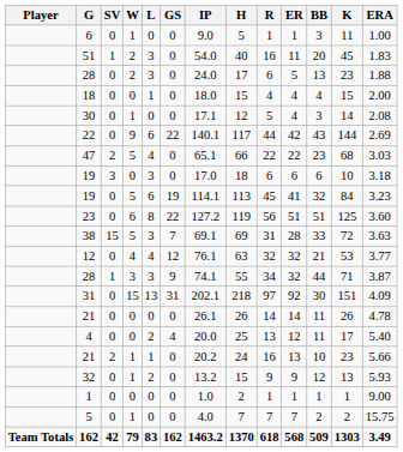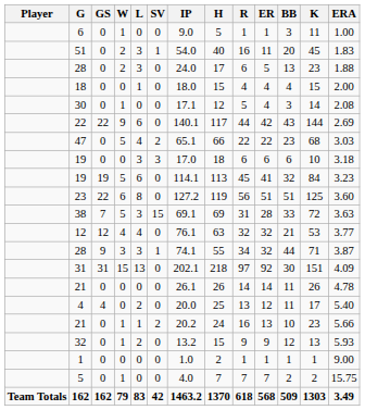 <table class="wikitable sortable">
 <tr>
 <th>Player</th>
 <th>G</th>
-<th>SV</th>
+<th>GS</th>
 <th>W</th>
 <th>L</th>
-<th>GS</th>
+<th>SV</th>
 <th>IP</th>
 <th>H</th>
 <th>R</th>
 <th>ER</th>
 <th>BB</th>
 <th>K</th>
 <th>ERA</th>
 </tr>
 <tr align=center>
 <td></td>
 <td>6</td>
 <td>0</td>
 <td>1</td>
 <td>0</td>
 <td>0</td>
 <td>9.0</td>
 <td>5</td>
 <td>1</td>
 <td>1</td>
 <td>3</td>
 <td>11</td>
 <td>1.00</td>
 </tr>
 <tr align=center>
 <td></td>
 <td>51</td>
-<td>1</td>
+<td>0</td>
 <td>2</td>
 <td>3</td>
-<td>0</td>
+<td>1</td>
 <td>54.0</td>
 <td>40</td>
 <td>16</td>
 <td>11</td>
 <td>20</td>
 <td>45</td>
 <td>1.83</td>
 </tr>
 <tr align=center>
 <td></td>
 <td>28</td>
 <td>0</td>
 <td>2</td>
 <td>3</td>
 <td>0</td>
 <td>24.0</td>
 <td>17</td>
 <td>6</td>
 <td>5</td>
 <td>13</td>
 <td>23</td>
 <td>1.88</td>
 </tr>
 <tr align=center>
 <td></td>
 <td>18</td>
 <td>0</td>
 <td>0</td>
 <td>1</td>
 <td>0</td>
 <td>18.0</td>
 <td>15</td>
 <td>4</td>
 <td>4</td>
 <td>4</td>
 <td>15</td>
 <td>2.00</td>
 </tr>
 <tr align=center>
 <td></td>
 <td>30</td>
 <td>0</td>
 <td>1</td>
 <td>0</td>
 <td>0</td>
 <td>17.1</td>
 <td>12</td>
 <td>5</td>
 <td>4</td>
 <td>3</td>
 <td>14</td>
 <td>2.08</td>
 </tr>
 <tr align=center>
 <td><strong></strong></td>
 <td>22</td>
-<td>0</td>
+<td>22</td>
 <td>9</td>
 <td>6</td>
-<td>22</td>
+<td>0</td>
 <td>140.1</td>
 <td>117</td>
 <td>44</td>
 <td>42</td>
 <td>43</td>
 <td>144</td>
 <td>2.69</td>
 </tr>
 <tr align=center>
 <td></td>
 <td>47</td>
-<td>2</td>
+<td>0</td>
 <td>5</td>
 <td>4</td>
-<td>0</td>
+<td>2</td>
 <td>65.1</td>
 <td>66</td>
 <td>22</td>
 <td>22</td>
 <td>23</td>
 <td>68</td>
 <td>3.03</td>
 </tr>
 <tr align=center>
 <td></td>
 <td>19</td>
-<td>3</td>
+<td>0</td>
 <td>0</td>
 <td>3</td>
-<td>0</td>
+<td>3</td>
 <td>17.0</td>
 <td>18</td>
 <td>6</td>
 <td>6</td>
 <td>6</td>
 <td>10</td>
 <td>3.18</td>
 </tr>
 <tr align=center>
 <td></td>
 <td>19</td>
-<td>0</td>
+<td>19</td>
 <td>5</td>
 <td>6</td>
-<td>19</td>
+<td>0</td>
 <td>114.1</td>
 <td>113</td>
 <td>45</td>
 <td>41</td>
 <td>32</td>
 <td>84</td>
 <td>3.23</td>
 </tr>
 <tr align=center>
 <td></td>
 <td>23</td>
-<td>0</td>
+<td>22</td>
 <td>6</td>
 <td>8</td>
-<td>22</td>
+<td>0</td>
 <td>127.2</td>
 <td>119</td>
 <td>56</td>
 <td>51</td>
 <td>51</td>
 <td>125</td>
 <td>3.60</td>
 </tr>
 <tr align=center>
 <td></td>
 <td>38</td>
-<td>15</td>
+<td>7</td>
 <td>5</td>
 <td>3</td>
-<td>7</td>
+<td>15</td>
 <td>69.1</td>
 <td>69</td>
 <td>31</td>
 <td>28</td>
 <td>33</td>
 <td>72</td>
 <td>3.63</td>
 </tr>
 <tr align=center>
 <td></td>
 <td>12</td>
-<td>0</td>
+<td>12</td>
 <td>4</td>
 <td>4</td>
-<td>12</td>
+<td>0</td>
 <td>76.1</td>
 <td>63</td>
 <td>32</td>
 <td>32</td>
 <td>21</td>
 <td>53</td>
 <td>3.77</td>
 </tr>
 <tr align=center>
 <td></td>
 <td>28</td>
-<td>1</td>
+<td>9</td>
 <td>3</td>
 <td>3</td>
-<td>9</td>
+<td>1</td>
 <td>74.1</td>
 <td>55</td>
 <td>34</td>
 <td>32</td>
 <td>44</td>
 <td>71</td>
 <td>3.87</td>
 </tr>
 <tr align=center>
 <td></td>
 <td>31</td>
-<td>0</td>
+<td>31</td>
 <td>15</td>
 <td>13</td>
-<td>31</td>
+<td>0</td>
 <td>202.1</td>
 <td>218</td>
 <td>97</td>
 <td>92</td>
 <td>30</td>
 <td>151</td>
 <td>4.09</td>
 </tr>
 <tr align=center>
 <td></td>
 <td>21</td>
 <td>0</td>
 <td>0</td>
 <td>0</td>
 <td>0</td>
 <td>26.1</td>
 <td>26</td>
 <td>14</td>
 <td>14</td>
 <td>11</td>
 <td>26</td>
 <td>4.78</td>
 </tr>
 <tr align=center>
 <td></td>
 <td>4</td>
-<td>0</td>
+<td>4</td>
 <td>0</td>
 <td>2</td>
-<td>4</td>
+<td>0</td>
 <td>20.0</td>
 <td>25</td>
 <td>13</td>
 <td>12</td>
 <td>11</td>
 <td>17</td>
 <td>5.40</td>
 </tr>
 <tr align=center>
 <td></td>
 <td>21</td>
-<td>2</td>
+<td>0</td>
 <td>1</td>
 <td>1</td>
-<td>0</td>
+<td>2</td>
 <td>20.2</td>
 <td>24</td>
 <td>16</td>
 <td>13</td>
 <td>10</td>
 <td>23</td>
 <td>5.66</td>
 </tr>
 <tr align=center>
 <td></td>
 <td>32</td>
 <td>0</td>
 <td>1</td>
 <td>2</td>
 <td>0</td>
 <td>13.2</td>
 <td>15</td>
 <td>9</td>
 <td>9</td>
 <td>12</td>
 <td>13</td>
 <td>5.93</td>
 </tr>
 <tr align=center>
 <td></td>
 <td>1</td>
 <td>0</td>
 <td>0</td>
 <td>0</td>
 <td>0</td>
 <td>1.0</td>
 <td>2</td>
 <td>1</td>
 <td>1</td>
 <td>1</td>
 <td>1</td>
 <td>9.00</td>
 </tr>
 <tr align=center>
 <td></td>
 <td>5</td>
 <td>0</td>
 <td>1</td>
 <td>0</td>
 <td>0</td>
 <td>4.0</td>
 <td>7</td>
 <td>7</td>
 <td>7</td>
 <td>2</td>
 <td>2</td>
 <td>15.75</td>
 </tr>
 <tr align=center>
 <td><strong>Team Totals</strong></td>
 <td><strong>162</strong></td>
-<td><strong>42</strong></td>
+<td><strong>162</strong></td>
 <td><strong>79</strong></td>
 <td><strong>83</strong></td>
-<td><strong>162</strong></td>
+<td><strong>42</strong></td>
 <td><strong>1463.2</strong></td>
 <td><strong>1370</strong></td>
 <td><strong>618</strong></td>
 <td><strong>568</strong></td>
 <td><strong>509</strong></td>
 <td><strong>1303</strong></td>
 <td><strong>3.49</strong></td>
 </tr>
 </table>
